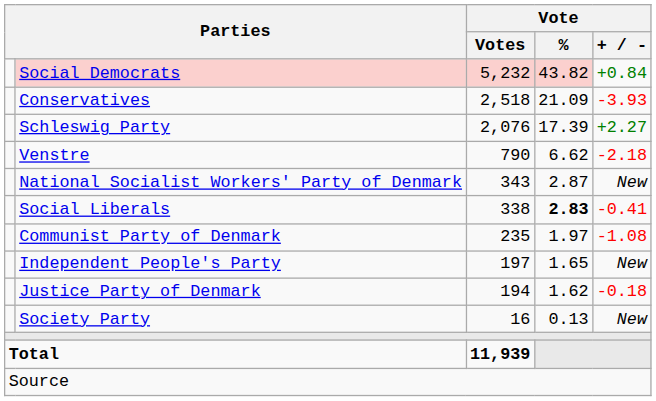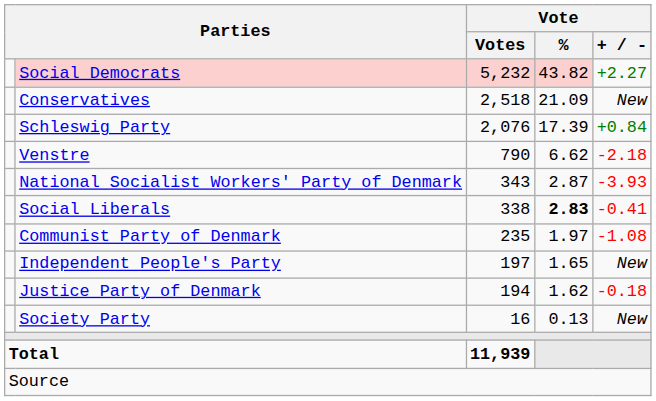 <table class="wikitable" style="text-align:right;">
 <tr>
 <th style="text-align:centre;" rowspan="2" colspan="2" width="225">Parties</th>
 <th colspan="3">Vote</th>
 </tr>
 <tr>
 <th width="15">Votes</th>
 <th width="15">%</th>
 <th width="15">+ / -</th>
 </tr>
 <tr>
 <td width="2" style="color:inherit;background:"></td>
 <td bgcolor=#fbd0ce  align="left"><a href='#'>Social Democrats</a></td>
 <td bgcolor=#fbd0ce>5,232</td>
 <td bgcolor=#fbd0ce>43.82</td>
-<td style=color:green;>+0.84</td>
+<td style=color:green;>+2.27</td>
 </tr>
 <tr>
 <td width="2" style="color:inherit;background:"></td>
 <td align="left"><a href='#'>Conservatives</a></td>
 <td>2,518</td>
 <td>21.09</td>
-<td style=color:red;>-3.93</td>
+<td><em>New</em></td>
 </tr>
 <tr>
 <td width="2" style="color:inherit;background:"></td>
 <td align="left"><a href='#'>Schleswig Party</a></td>
 <td>2,076</td>
 <td>17.39</td>
-<td style=color:green;>+2.27</td>
+<td style=color:green;>+0.84</td>
 </tr>
 <tr>
 <td width="2" style="color:inherit;background:"></td>
 <td align="left"><a href='#'>Venstre</a></td>
 <td>790</td>
 <td>6.62</td>
 <td style=color:red;>-2.18</td>
 </tr>
 <tr>
 <td width="2" style="color:inherit;background:"></td>
 <td align="left"><a href='#'>National Socialist Workers' Party of Denmark</a></td>
 <td>343</td>
 <td>2.87</td>
-<td><em>New</em></td>
+<td style=color:red;>-3.93</td>
 </tr>
 <tr>
 <td width="2" style="color:inherit;background:"></td>
 <td align="left"><a href='#'>Social Liberals</a></td>
 <td>338</td>
 <td><strong>2.83</strong></td>
 <td style=color:red;>-0.41</td>
 </tr>
 <tr>
 <td width="2" style="color:inherit;background:"></td>
 <td align="left"><a href='#'>Communist Party of Denmark</a></td>
 <td>235</td>
 <td>1.97</td>
 <td style=color:red;>-1.08</td>
 </tr>
 <tr>
 <td width="2" style="color:inherit;background:"></td>
 <td align="left"><a href='#'>Independent People's Party</a></td>
 <td>197</td>
 <td>1.65</td>
 <td><em>New</em></td>
 </tr>
 <tr>
 <td width="2" style="color:inherit;background:"></td>
 <td align="left"><a href='#'>Justice Party of Denmark</a></td>
 <td>194</td>
 <td>1.62</td>
 <td style=color:red;>-0.18</td>
 </tr>
 <tr>
 <td width="2" style="color:inherit;background:"></td>
 <td align="left"><a href='#'>Society Party</a></td>
 <td>16</td>
 <td>0.13</td>
 <td><em>New</em></td>
 </tr>
 <tr>
 <td colspan="7" bgcolor="#E9E9E9"></td>
 </tr>
 <tr>
 <td align="left" colspan="2"><strong>Total</strong></td>
 <td><strong>11,939</strong></td>
 <td bgcolor="#E9E9E9" colspan="2"></td>
 </tr>
 <tr>
 <td align="left" colspan="6">Source</td>
 </tr>
 </table>
